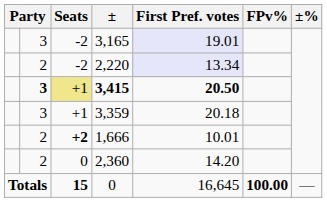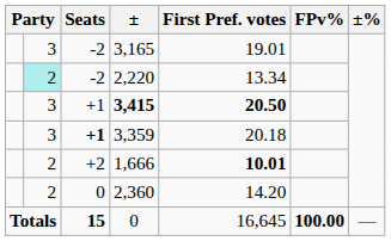 <table class=wikitable>
 <tr>
 <th colspan=2 align=center>Party</th>
 <th valign=top>Seats</th>
 <th valign=top>±</th>
 <th valign=top>First Pref. votes</th>
 <th valign=top>FPv%</th>
 <th valign=top>±%</th>
 </tr>
 <tr>
 <td></td>
 <td align=right>3</td>
 <td align=right>-2</td>
 <td align=right>3,165</td>
-<td align=right style="background: lavender;">19.01</td>
+<td align=right>19.01</td>
 <td align=right></td>
 </tr>
 <tr>
 <td></td>
-<td align=right>2</td>
+<td align=right style="background: paleturquoise;">2</td>
 <td align=right>-2</td>
 <td align=right>2,220</td>
-<td align=right style="background: lavender;">13.34</td>
+<td align=right>13.34</td>
 <td align=right></td>
 </tr>
 <tr>
 <td></td>
-<td align=right><strong>3</strong></td>
-<td align=right style="background: khaki;">+1</td>
+<td align=right>3</td>
+<td align=right>+1</td>
 <td align=right><strong>3,415</strong></td>
 <td align=right><strong>20.50</strong></td>
 <td align=right></td>
 </tr>
 <tr>
 <td></td>
 <td align=right>3</td>
-<td align=right>+1</td>
+<td align=right><strong>+1</strong></td>
 <td align=right>3,359</td>
 <td align=right>20.18</td>
 <td align=right></td>
 </tr>
 <tr>
 <td></td>
 <td align=right>2</td>
-<td align=right><strong>+2</strong></td>
+<td align=right>+2</td>
 <td align=right>1,666</td>
-<td align=right>10.01</td>
+<td align=right><strong>10.01</strong></td>
 <td align=right></td>
 </tr>
 <tr>
 <td></td>
 <td align=right>2</td>
 <td align=right>0</td>
 <td align=right>2,360</td>
 <td align=right>14.20</td>
 <td align=right></td>
 </tr>
 <tr>
 <td colspan=2 align=center><strong>Totals</strong></td>
 <td align=right><strong>15</strong></td>
 <td align=center>0</td>
 <td align=right>16,645</td>
 <td align=center><strong>100.00</strong></td>
 <td align=center>—</td>
 </tr>
 </table>
